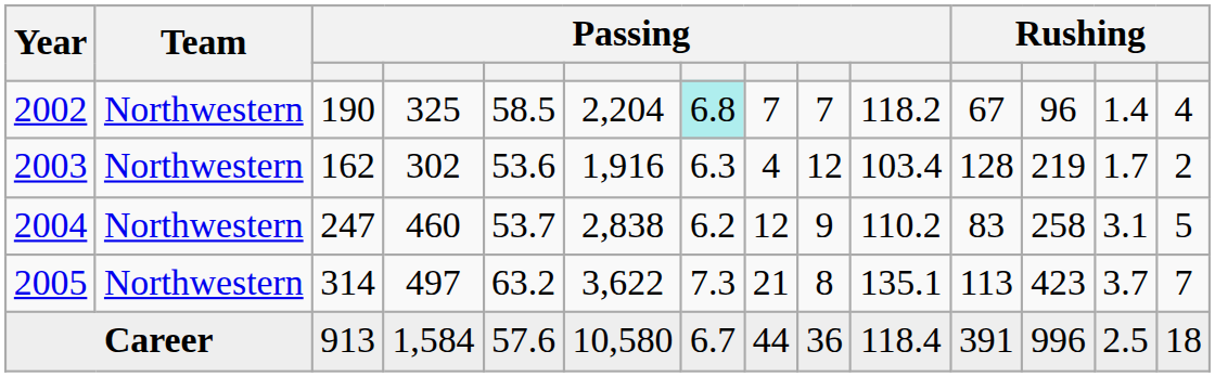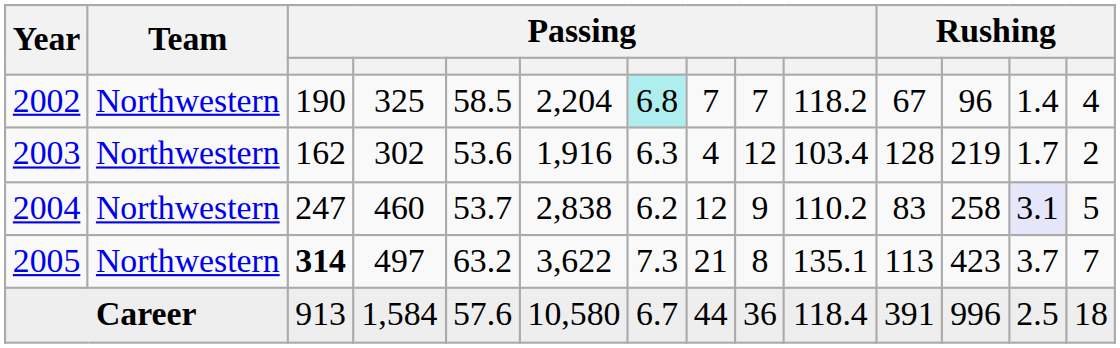 <table class="wikitable sortable" style="text-align:center;">
 <tr>
 <th rowspan=2>Year</th>
 <th rowspan=2>Team</th>
 <th colspan=8>Passing</th>
 <th colspan=4>Rushing</th>
 </tr>
 <tr>
 <th></th>
 <th></th>
 <th></th>
 <th></th>
 <th></th>
 <th></th>
 <th></th>
 <th></th>
 <th></th>
 <th></th>
 <th></th>
 <th></th>
 </tr>
 <tr>
 <td><a href='#'>2002</a></td>
 <td><a href='#'>Northwestern</a></td>
 <td>190</td>
 <td>325</td>
 <td>58.5</td>
 <td>2,204</td>
 <td style="background: paleturquoise;">6.8</td>
 <td>7</td>
 <td>7</td>
 <td>118.2</td>
 <td>67</td>
 <td>96</td>
 <td>1.4</td>
 <td>4</td>
 </tr>
 <tr>
 <td><a href='#'>2003</a></td>
 <td><a href='#'>Northwestern</a></td>
 <td>162</td>
 <td>302</td>
 <td>53.6</td>
 <td>1,916</td>
 <td>6.3</td>
 <td>4</td>
 <td>12</td>
 <td>103.4</td>
 <td>128</td>
 <td>219</td>
 <td>1.7</td>
 <td>2</td>
 </tr>
 <tr>
 <td><a href='#'>2004</a></td>
 <td><a href='#'>Northwestern</a></td>
 <td>247</td>
 <td>460</td>
 <td>53.7</td>
 <td>2,838</td>
 <td>6.2</td>
 <td>12</td>
 <td>9</td>
 <td>110.2</td>
 <td>83</td>
 <td>258</td>
-<td>3.1</td>
+<td style="background: lavender;">3.1</td>
 <td>5</td>
 </tr>
 <tr>
 <td><a href='#'>2005</a></td>
 <td><a href='#'>Northwestern</a></td>
-<td>314</td>
+<td><strong>314</strong></td>
 <td>497</td>
 <td>63.2</td>
 <td>3,622</td>
 <td>7.3</td>
 <td>21</td>
 <td>8</td>
 <td>135.1</td>
 <td>113</td>
 <td>423</td>
 <td>3.7</td>
 <td>7</td>
 </tr>
 <tr class="sortbottom" style="background:#eee;">
 <td colspan=2><strong>Career</strong></td>
 <td>913</td>
 <td>1,584</td>
 <td>57.6</td>
 <td>10,580</td>
 <td>6.7</td>
 <td>44</td>
 <td>36</td>
 <td>118.4</td>
 <td>391</td>
 <td>996</td>
 <td>2.5</td>
 <td>18</td>
 </tr>
 </table>
